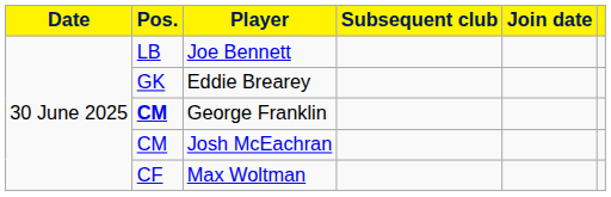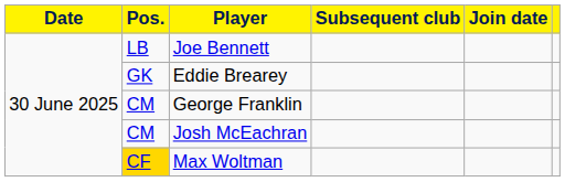 <table class="wikitable plainrowheaders sortable">
 <tr>
 <th style="background-color:#FFF300; color:#001958; ">Date</th>
 <th style="background-color:#FFF300; color:#001958; ">Pos.</th>
 <th style="background-color:#FFF300; color:#001958; ">Player</th>
 <th style="background-color:#FFF300; color:#001958; ">Subsequent club</th>
 <th style="background-color:#FFF300; color:#001958; ">Join date</th>
 <th style="background-color:#FFF300; color:#001958; "></th>
 </tr>
 <tr>
 <td rowspan="5">30 June 2025</td>
 <td><a href='#'>LB</a></td>
 <td> <a href='#'>Joe Bennett</a></td>
 <td></td>
 <td></td>
 <td></td>
 </tr>
 <tr>
 <td><a href='#'>GK</a></td>
 <td> Eddie Brearey</td>
 <td></td>
 <td></td>
 <td></td>
 </tr>
 <tr>
-<td><strong><a href='#'>CM</a></strong></td>
+<td><a href='#'>CM</a></td>
 <td> George Franklin</td>
 <td></td>
 <td></td>
 <td></td>
 </tr>
 <tr>
 <td><a href='#'>CM</a></td>
 <td> <a href='#'>Josh McEachran</a></td>
 <td></td>
 <td></td>
 <td></td>
 </tr>
 <tr>
-<td><a href='#'>CF</a></td>
+<td style="background: gold;"><a href='#'>CF</a></td>
 <td> <a href='#'>Max Woltman</a></td>
 <td></td>
 <td></td>
 <td></td>
 </tr>
 </table>
